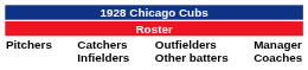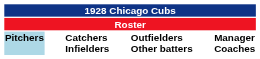 <table class="toccolours" style="font-size: 95%;">
 <tr>
 <th colspan="10" style="background-color: #0e3386; color: white; text-align: center;">1928 Chicago Cubs</th>
 </tr>
 <tr>
 <td colspan="10" style="background-color: #EE1422; color: white; text-align: center;"><strong>Roster</strong></td>
 </tr>
 <tr>
-<td valign="top"><strong>Pitchers</strong><br>          </td>
+<td valign="top" style="background: lightblue;"><strong>Pitchers</strong><br>          </td>
 <td width="25px"></td>
 <td valign="top"><strong>Catchers</strong><br>  <strong>Infielders</strong>        </td>
 <td width="25px"></td>
 <td valign="top"><strong>Outfielders</strong><br>     <strong>Other batters</strong>  </td>
 <td width="25px"></td>
 <td valign="top"><strong>Manager</strong><br> <strong>Coaches</strong>  </td>
 </tr>
 </table>
